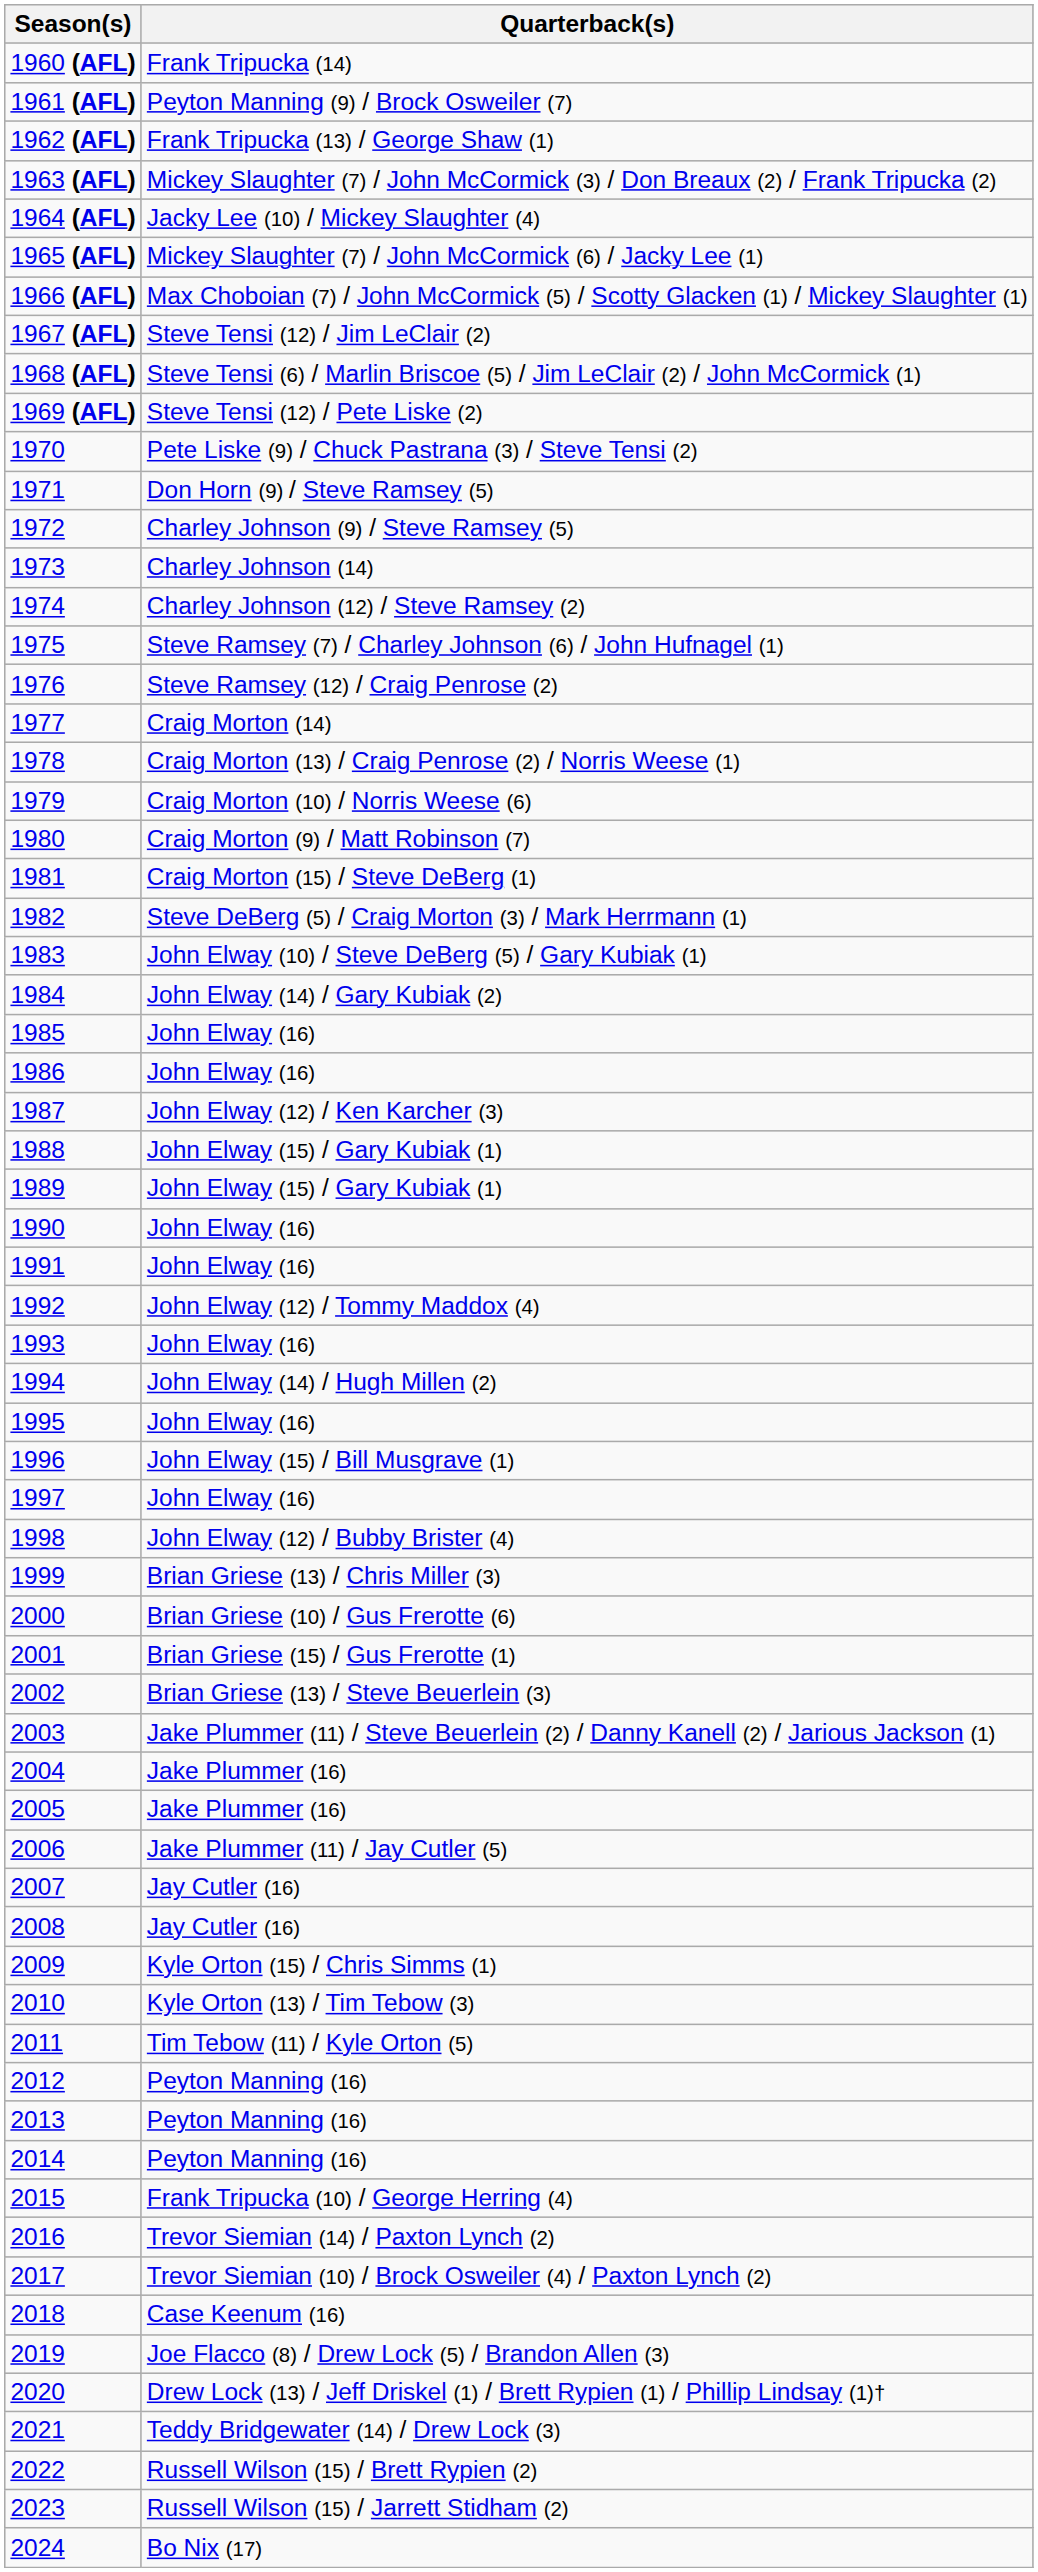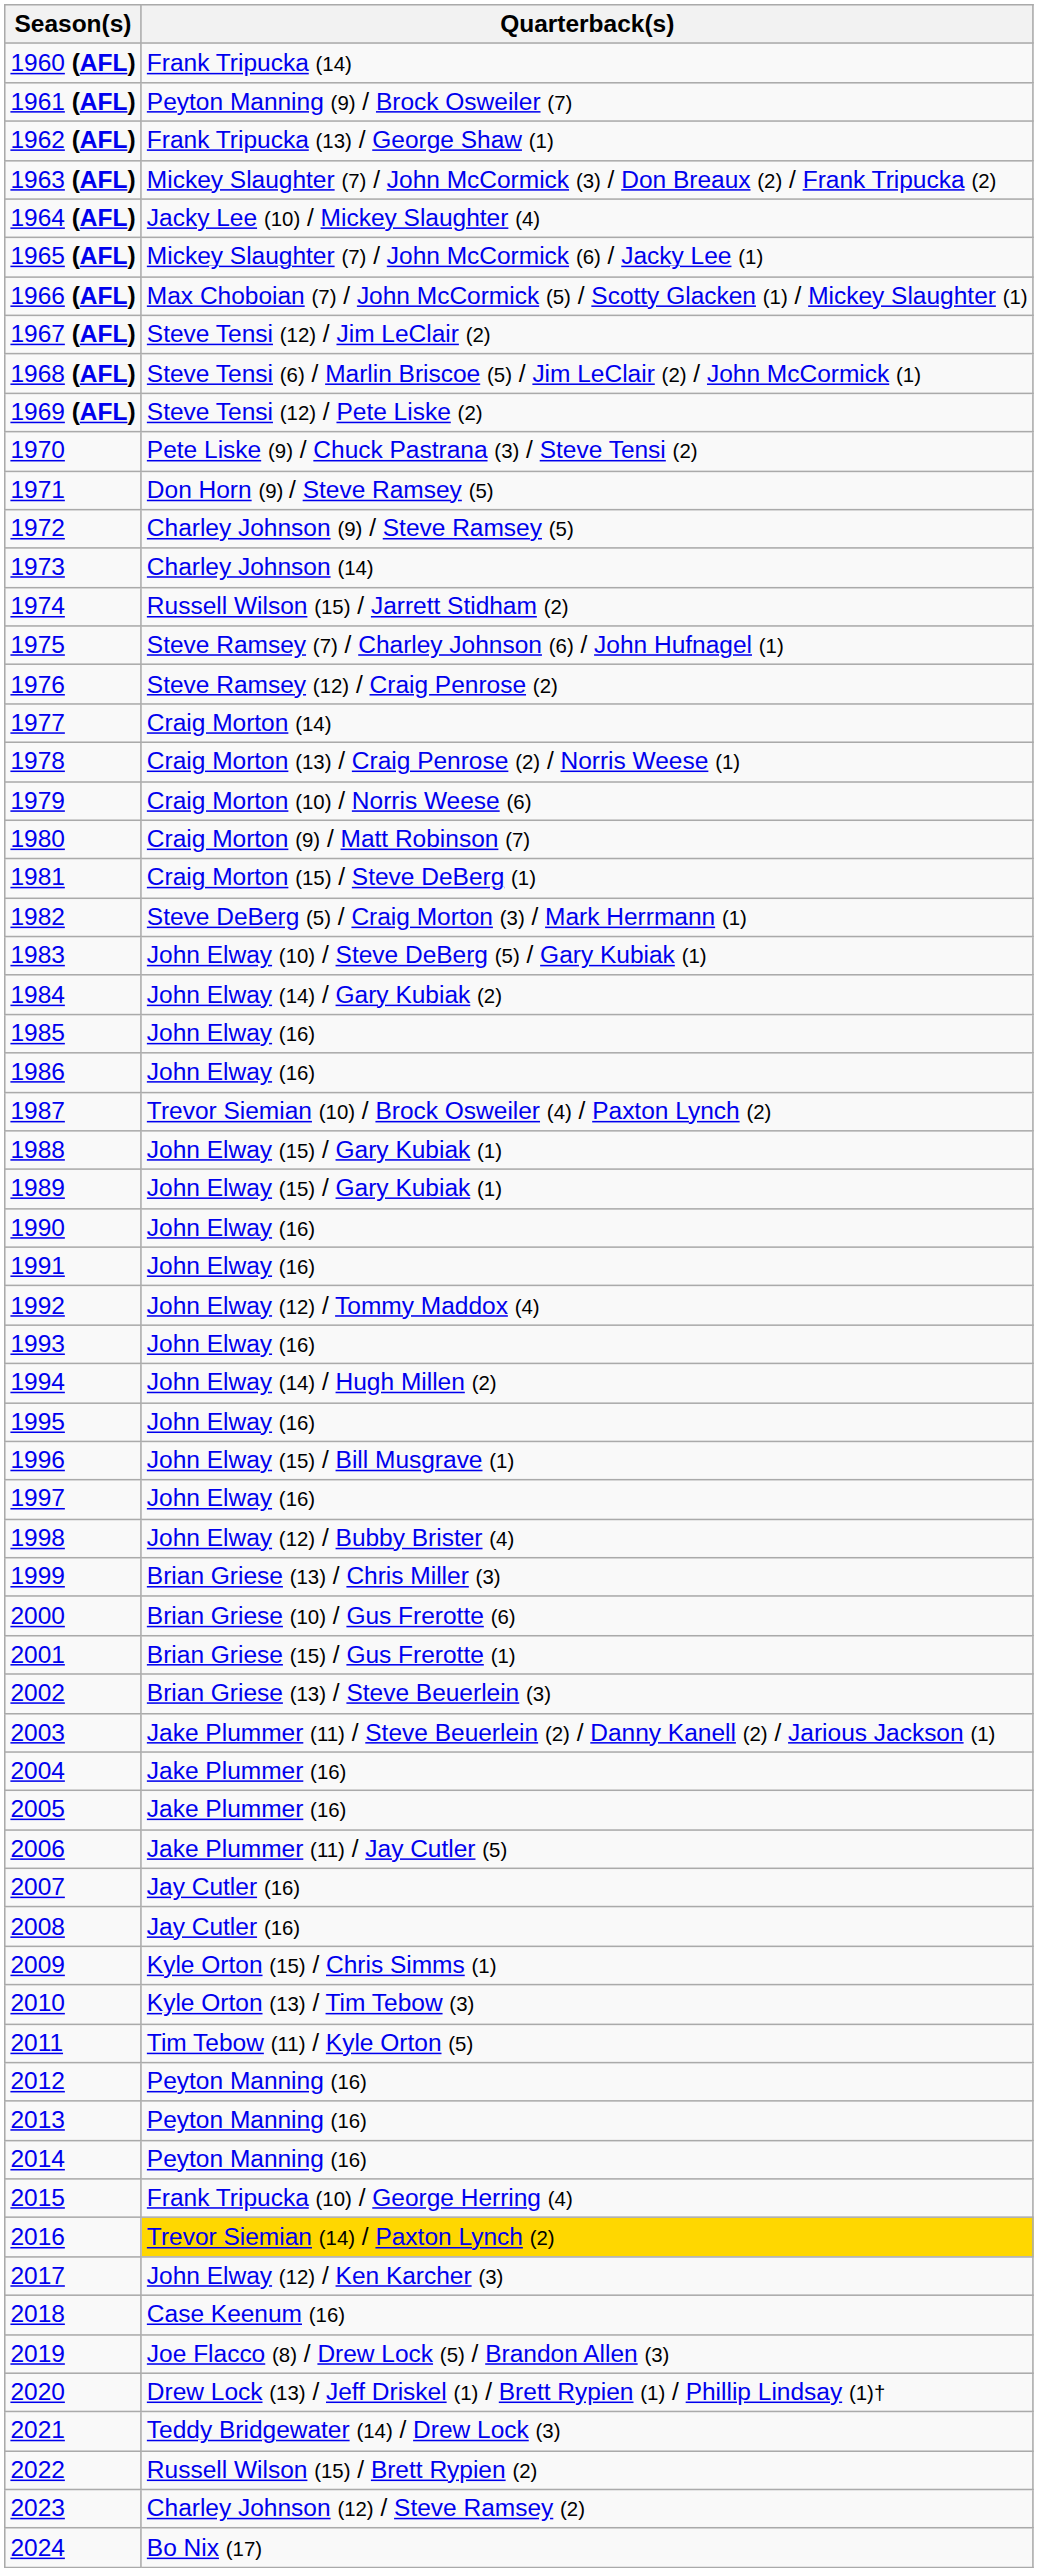 <table class="wikitable">
 <tr>
 <th>Season(s)</th>
 <th>Quarterback(s)</th>
 </tr>
 <tr>
 <td><a href='#'>1960</a> <strong>(<a href='#'>AFL</a>)</strong></td>
 <td><a href='#'>Frank Tripucka</a> <small>(14)</small></td>
 </tr>
 <tr>
 <td><a href='#'>1961</a> <strong>(<a href='#'>AFL</a>)</strong></td>
 <td><a href='#'>Peyton Manning</a> <small>(9)</small> / <a href='#'>Brock Osweiler</a> <small>(7)</small></td>
 </tr>
 <tr>
 <td><a href='#'>1962</a> <strong>(<a href='#'>AFL</a>)</strong></td>
 <td><a href='#'>Frank Tripucka</a> <small>(13)</small> / <a href='#'>George Shaw</a> <small>(1)</small></td>
 </tr>
 <tr>
 <td><a href='#'>1963</a> <strong>(<a href='#'>AFL</a>)</strong></td>
 <td><a href='#'>Mickey Slaughter</a> <small>(7)</small> / <a href='#'>John McCormick</a> <small>(3)</small> / <a href='#'>Don Breaux</a> <small>(2)</small> / <a href='#'>Frank Tripucka</a> <small>(2)</small></td>
 </tr>
 <tr>
 <td><a href='#'>1964</a> <strong>(<a href='#'>AFL</a>)</strong></td>
 <td><a href='#'>Jacky Lee</a> <small>(10)</small> / <a href='#'>Mickey Slaughter</a> <small>(4)</small></td>
 </tr>
 <tr>
 <td><a href='#'>1965</a> <strong>(<a href='#'>AFL</a>)</strong></td>
 <td><a href='#'>Mickey Slaughter</a> <small>(7)</small> / <a href='#'>John McCormick</a> <small>(6)</small> / <a href='#'>Jacky Lee</a> <small>(1)</small></td>
 </tr>
 <tr>
 <td><a href='#'>1966</a> <strong>(<a href='#'>AFL</a>)</strong></td>
 <td><a href='#'>Max Choboian</a> <small>(7)</small> / <a href='#'>John McCormick</a> <small>(5)</small> / <a href='#'>Scotty Glacken</a> <small>(1)</small> / <a href='#'>Mickey Slaughter</a> <small>(1)</small></td>
 </tr>
 <tr>
 <td><a href='#'>1967</a> <strong>(<a href='#'>AFL</a>)</strong></td>
 <td><a href='#'>Steve Tensi</a> <small>(12)</small> / <a href='#'>Jim LeClair</a> <small>(2)</small></td>
 </tr>
 <tr>
 <td><a href='#'>1968</a> <strong>(<a href='#'>AFL</a>)</strong></td>
 <td><a href='#'>Steve Tensi</a> <small>(6)</small> / <a href='#'>Marlin Briscoe</a> <small>(5)</small> / <a href='#'>Jim LeClair</a> <small>(2)</small> / <a href='#'>John McCormick</a> <small>(1)</small></td>
 </tr>
 <tr>
 <td><a href='#'>1969</a> <strong>(<a href='#'>AFL</a>)</strong></td>
 <td><a href='#'>Steve Tensi</a> <small>(12)</small> / <a href='#'>Pete Liske</a> <small>(2)</small></td>
 </tr>
 <tr>
 <td><a href='#'>1970</a></td>
 <td><a href='#'>Pete Liske</a> <small>(9)</small> / <a href='#'>Chuck Pastrana</a> <small>(3)</small> / <a href='#'>Steve Tensi</a> <small>(2)</small></td>
 </tr>
 <tr>
 <td><a href='#'>1971</a></td>
 <td><a href='#'>Don Horn</a> <small>(9) </small> / <a href='#'>Steve Ramsey</a> <small>(5)</small></td>
 </tr>
 <tr>
 <td><a href='#'>1972</a></td>
 <td><a href='#'>Charley Johnson</a> <small>(9)</small> / <a href='#'>Steve Ramsey</a> <small>(5)</small></td>
 </tr>
 <tr>
 <td><a href='#'>1973</a></td>
 <td><a href='#'>Charley Johnson</a> <small>(14)</small></td>
 </tr>
 <tr>
 <td><a href='#'>1974</a></td>
-<td><a href='#'>Charley Johnson</a> <small>(12)</small> / <a href='#'>Steve Ramsey</a> <small>(2)</small></td>
+<td><a href='#'>Russell Wilson</a> <small>(15)</small> / <a href='#'>Jarrett Stidham</a> <small>(2)</small></td>
 </tr>
 <tr>
 <td><a href='#'>1975</a></td>
 <td><a href='#'>Steve Ramsey</a> <small>(7)</small> / <a href='#'>Charley Johnson</a> <small>(6)</small> / <a href='#'>John Hufnagel</a> <small>(1)</small></td>
 </tr>
 <tr>
 <td><a href='#'>1976</a></td>
 <td><a href='#'>Steve Ramsey</a> <small>(12)</small> / <a href='#'>Craig Penrose</a> <small>(2)</small></td>
 </tr>
 <tr>
 <td><a href='#'>1977</a></td>
 <td><a href='#'>Craig Morton</a> <small>(14)</small></td>
 </tr>
 <tr>
 <td><a href='#'>1978</a></td>
 <td><a href='#'>Craig Morton</a> <small>(13)</small> / <a href='#'>Craig Penrose</a> <small>(2)</small> / <a href='#'>Norris Weese</a> <small>(1)</small></td>
 </tr>
 <tr>
 <td><a href='#'>1979</a></td>
 <td><a href='#'>Craig Morton</a> <small>(10)</small> / <a href='#'>Norris Weese</a> <small>(6)</small></td>
 </tr>
 <tr>
 <td><a href='#'>1980</a></td>
 <td><a href='#'>Craig Morton</a> <small>(9)</small> / <a href='#'>Matt Robinson</a> <small>(7)</small></td>
 </tr>
 <tr>
 <td><a href='#'>1981</a></td>
 <td><a href='#'>Craig Morton</a> <small>(15)</small> / <a href='#'>Steve DeBerg</a> <small>(1)</small></td>
 </tr>
 <tr>
 <td><a href='#'>1982</a></td>
 <td><a href='#'>Steve DeBerg</a> <small>(5)</small> / <a href='#'>Craig Morton</a> <small>(3)</small> / <a href='#'>Mark Herrmann</a> <small>(1)</small></td>
 </tr>
 <tr>
 <td><a href='#'>1983</a></td>
 <td><a href='#'>John Elway</a> <small>(10)</small> / <a href='#'>Steve DeBerg</a> <small>(5)</small> / <a href='#'>Gary Kubiak</a> <small>(1)</small></td>
 </tr>
 <tr>
 <td><a href='#'>1984</a></td>
 <td><a href='#'>John Elway</a> <small>(14)</small> / <a href='#'>Gary Kubiak</a> <small>(2)</small></td>
 </tr>
 <tr>
 <td><a href='#'>1985</a></td>
 <td><a href='#'>John Elway</a> <small>(16)</small></td>
 </tr>
 <tr>
 <td><a href='#'>1986</a></td>
 <td><a href='#'>John Elway</a> <small>(16)</small></td>
 </tr>
 <tr>
 <td><a href='#'>1987</a></td>
-<td><a href='#'>John Elway</a> <small>(12)</small> / <a href='#'>Ken Karcher</a> <small>(3)</small></td>
+<td><a href='#'>Trevor Siemian</a> <small>(10)</small> / <a href='#'>Brock Osweiler</a> <small>(4)</small> / <a href='#'>Paxton Lynch</a> <small>(2)</small></td>
 </tr>
 <tr>
 <td><a href='#'>1988</a></td>
 <td><a href='#'>John Elway</a> <small>(15)</small> / <a href='#'>Gary Kubiak</a> <small>(1)</small></td>
 </tr>
 <tr>
 <td><a href='#'>1989</a></td>
 <td><a href='#'>John Elway</a> <small>(15)</small> / <a href='#'>Gary Kubiak</a> <small>(1)</small></td>
 </tr>
 <tr>
 <td><a href='#'>1990</a></td>
 <td><a href='#'>John Elway</a> <small>(16)</small></td>
 </tr>
 <tr>
 <td><a href='#'>1991</a></td>
 <td><a href='#'>John Elway</a> <small>(16)</small></td>
 </tr>
 <tr>
 <td><a href='#'>1992</a></td>
 <td><a href='#'>John Elway</a> <small>(12)</small> / <a href='#'>Tommy Maddox</a> <small>(4)</small></td>
 </tr>
 <tr>
 <td><a href='#'>1993</a></td>
 <td><a href='#'>John Elway</a> <small>(16)</small></td>
 </tr>
 <tr>
 <td><a href='#'>1994</a></td>
 <td><a href='#'>John Elway</a> <small>(14)</small> / <a href='#'>Hugh Millen</a> <small>(2)</small></td>
 </tr>
 <tr>
 <td><a href='#'>1995</a></td>
 <td><a href='#'>John Elway</a> <small>(16)</small></td>
 </tr>
 <tr>
 <td><a href='#'>1996</a></td>
 <td><a href='#'>John Elway</a> <small>(15)</small> / <a href='#'>Bill Musgrave</a> <small>(1)</small></td>
 </tr>
 <tr>
 <td><a href='#'>1997</a></td>
 <td><a href='#'>John Elway</a> <small>(16)</small></td>
 </tr>
 <tr>
 <td><a href='#'>1998</a></td>
 <td><a href='#'>John Elway</a> <small>(12)</small> / <a href='#'>Bubby Brister</a> <small>(4)</small></td>
 </tr>
 <tr>
 <td><a href='#'>1999</a></td>
 <td><a href='#'>Brian Griese</a> <small>(13)</small> / <a href='#'>Chris Miller</a> <small>(3)</small></td>
 </tr>
 <tr>
 <td><a href='#'>2000</a></td>
 <td><a href='#'>Brian Griese</a> <small>(10)</small> / <a href='#'>Gus Frerotte</a> <small>(6)</small></td>
 </tr>
 <tr>
 <td><a href='#'>2001</a></td>
 <td><a href='#'>Brian Griese</a> <small>(15)</small> / <a href='#'>Gus Frerotte</a> <small>(1)</small></td>
 </tr>
 <tr>
 <td><a href='#'>2002</a></td>
 <td><a href='#'>Brian Griese</a> <small>(13)</small> / <a href='#'>Steve Beuerlein</a> <small>(3)</small></td>
 </tr>
 <tr>
 <td><a href='#'>2003</a></td>
 <td><a href='#'>Jake Plummer</a> <small>(11)</small> / <a href='#'>Steve Beuerlein</a> <small>(2)</small> / <a href='#'>Danny Kanell</a> <small>(2)</small> / <a href='#'>Jarious Jackson</a> <small>(1)</small></td>
 </tr>
 <tr>
 <td><a href='#'>2004</a></td>
 <td><a href='#'>Jake Plummer</a> <small>(16)</small></td>
 </tr>
 <tr>
 <td><a href='#'>2005</a></td>
 <td><a href='#'>Jake Plummer</a> <small>(16)</small></td>
 </tr>
 <tr>
 <td><a href='#'>2006</a></td>
 <td><a href='#'>Jake Plummer</a> <small>(11)</small> / <a href='#'>Jay Cutler</a> <small>(5)</small></td>
 </tr>
 <tr>
 <td><a href='#'>2007</a></td>
 <td><a href='#'>Jay Cutler</a> <small>(16)</small></td>
 </tr>
 <tr>
 <td><a href='#'>2008</a></td>
 <td><a href='#'>Jay Cutler</a> <small>(16)</small></td>
 </tr>
 <tr>
 <td><a href='#'>2009</a></td>
 <td><a href='#'>Kyle Orton</a> <small>(15)</small> / <a href='#'>Chris Simms</a> <small>(1)</small></td>
 </tr>
 <tr>
 <td><a href='#'>2010</a></td>
 <td><a href='#'>Kyle Orton</a> <small>(13)</small> / <a href='#'>Tim Tebow</a> <small>(3)</small></td>
 </tr>
 <tr>
 <td><a href='#'>2011</a></td>
 <td><a href='#'>Tim Tebow</a> <small>(11)</small> / <a href='#'>Kyle Orton</a> <small>(5)</small></td>
 </tr>
 <tr>
 <td><a href='#'>2012</a></td>
 <td><a href='#'>Peyton Manning</a> <small>(16)</small></td>
 </tr>
 <tr>
 <td><a href='#'>2013</a></td>
 <td><a href='#'>Peyton Manning</a> <small>(16)</small></td>
 </tr>
 <tr>
 <td><a href='#'>2014</a></td>
 <td><a href='#'>Peyton Manning</a> <small>(16)</small></td>
 </tr>
 <tr>
 <td><a href='#'>2015</a></td>
 <td><a href='#'>Frank Tripucka</a> <small>(10)</small> / <a href='#'>George Herring</a> <small>(4)</small></td>
 </tr>
 <tr>
 <td><a href='#'>2016</a></td>
-<td><a href='#'>Trevor Siemian</a> <small>(14)</small> / <a href='#'>Paxton Lynch</a> <small>(2)</small></td>
+<td style="background: gold;"><a href='#'>Trevor Siemian</a> <small>(14)</small> / <a href='#'>Paxton Lynch</a> <small>(2)</small></td>
 </tr>
 <tr>
 <td><a href='#'>2017</a></td>
-<td><a href='#'>Trevor Siemian</a> <small>(10)</small> / <a href='#'>Brock Osweiler</a> <small>(4)</small> / <a href='#'>Paxton Lynch</a> <small>(2)</small></td>
+<td><a href='#'>John Elway</a> <small>(12)</small> / <a href='#'>Ken Karcher</a> <small>(3)</small></td>
 </tr>
 <tr>
 <td><a href='#'>2018</a></td>
 <td><a href='#'>Case Keenum</a> <small>(16)</small></td>
 </tr>
 <tr>
 <td><a href='#'>2019</a></td>
 <td><a href='#'>Joe Flacco</a> <small>(8)</small> / <a href='#'>Drew Lock</a> <small>(5)</small> / <a href='#'>Brandon Allen</a> <small>(3)</small></td>
 </tr>
 <tr>
 <td><a href='#'>2020</a></td>
 <td><a href='#'>Drew Lock</a> <small>(13)</small> / <a href='#'>Jeff Driskel</a> <small>(1)</small> / <a href='#'>Brett Rypien</a> <small>(1)</small> / <a href='#'>Phillip Lindsay</a> <small>(1)†</small></td>
 </tr>
 <tr>
 <td><a href='#'>2021</a></td>
 <td><a href='#'>Teddy Bridgewater</a> <small>(14)</small> / <a href='#'>Drew Lock</a> <small>(3)</small></td>
 </tr>
 <tr>
 <td><a href='#'>2022</a></td>
 <td><a href='#'>Russell Wilson</a> <small>(15)</small> / <a href='#'>Brett Rypien</a> <small>(2)</small></td>
 </tr>
 <tr>
 <td><a href='#'>2023</a></td>
-<td><a href='#'>Russell Wilson</a> <small>(15)</small> / <a href='#'>Jarrett Stidham</a> <small>(2)</small></td>
+<td><a href='#'>Charley Johnson</a> <small>(12)</small> / <a href='#'>Steve Ramsey</a> <small>(2)</small></td>
 </tr>
 <tr>
 <td><a href='#'>2024</a></td>
 <td><a href='#'>Bo Nix</a> <small>(17)</small></td>
 </tr>
 </table>
